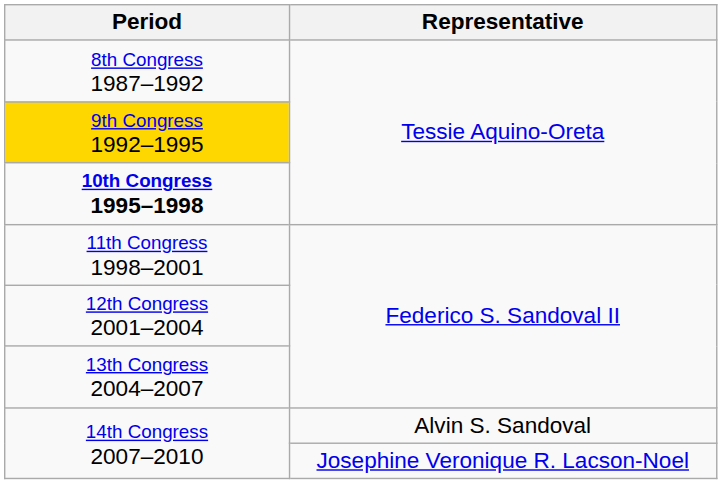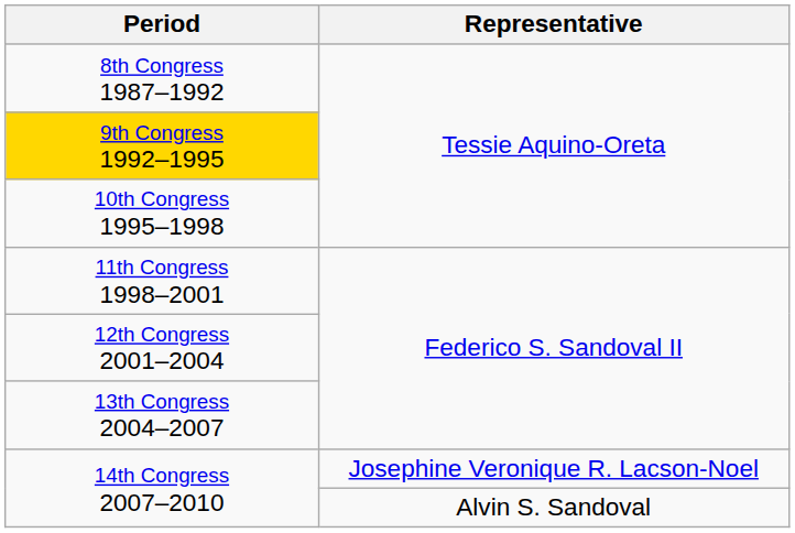 <table class="wikitable" style="text-align:center; width:40%;">
 <tr>
 <th width=40%>Period</th>
 <th>Representative</th>
 </tr>
 <tr>
 <td><small><a href='#'>8th Congress</a></small><br>1987–1992</td>
 <td rowspan=3><a href='#'>Tessie Aquino-Oreta</a></td>
 </tr>
 <tr>
 <td style="background: gold;"><small><a href='#'>9th Congress</a></small><br>1992–1995</td>
 </tr>
 <tr>
-<td><strong><small><a href='#'>10th Congress</a></small><br>1995–1998</strong></td>
+<td><small><a href='#'>10th Congress</a></small><br>1995–1998</td>
 </tr>
 <tr>
 <td><small><a href='#'>11th Congress</a></small><br>1998–2001</td>
 <td rowspan=3><a href='#'>Federico S. Sandoval II</a></td>
 </tr>
 <tr>
 <td><small><a href='#'>12th Congress</a></small><br>2001–2004</td>
 </tr>
 <tr>
 <td><small><a href='#'>13th Congress</a></small><br>2004–2007</td>
 </tr>
 <tr>
 <td rowspan=2><small><a href='#'>14th Congress</a></small><br>2007–2010</td>
+<td><a href='#'>Josephine Veronique R. Lacson-Noel</a></td>
+</tr>
+<tr>
 <td>Alvin S. Sandoval</td>
 </tr>
-<tr>
-<td><a href='#'>Josephine Veronique R. Lacson-Noel</a></td>
-</tr>
 </table>
